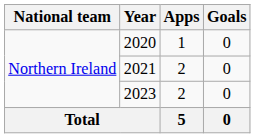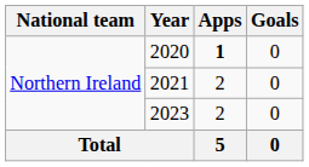 <table class="wikitable" style="text-align: center">
 <tr>
 <th>National team</th>
 <th>Year</th>
 <th>Apps</th>
 <th>Goals</th>
 </tr>
 <tr>
 <td rowspan="3"><a href='#'>Northern Ireland</a></td>
 <td>2020</td>
-<td>1</td>
+<td><strong>1</strong></td>
 <td>0</td>
 </tr>
 <tr>
 <td>2021</td>
 <td>2</td>
 <td>0</td>
 </tr>
 <tr>
 <td>2023</td>
 <td>2</td>
 <td>0</td>
 </tr>
 <tr>
 <th colspan=2>Total</th>
 <th>5</th>
 <th>0</th>
 </tr>
 </table>
